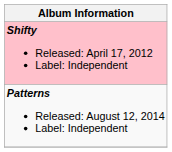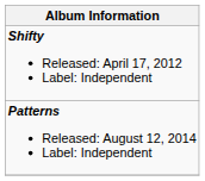 <table class="wikitable" style="font-size: 95%;">
 <tr>
 <th align="left">Album Information</th>
 </tr>
 <tr>
-<td align="left" style="background: pink;"><strong><em>Shifty</em></strong><br><ul><li>Released: April 17, 2012</li><li>Label: Independent</li></ul></td>
+<td align="left"><strong><em>Shifty</em></strong><br><ul><li>Released: April 17, 2012</li><li>Label: Independent</li></ul></td>
 </tr>
 <tr>
 <td align="left"><strong><em>Patterns</em></strong><br><ul><li>Released: August 12, 2014</li><li>Label: Independent</li></ul></td>
 </tr>
 <tr>
 </tr>
 </table>
